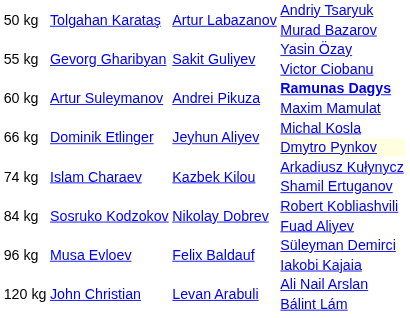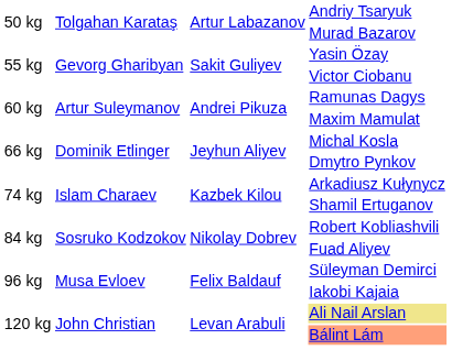 <table>
 <tr>
 <td rowspan=2>50 kg</td>
 <td rowspan=2> <a href='#'>Tolgahan Karataş</a></td>
 <td rowspan=2> <a href='#'>Artur Labazanov</a></td>
 <td> <a href='#'>Andriy Tsaryuk</a></td>
 </tr>
 <tr>
 <td> <a href='#'>Murad Bazarov</a></td>
 </tr>
 <tr>
 <td rowspan=2>55 kg</td>
 <td rowspan=2> <a href='#'>Gevorg Gharibyan</a></td>
 <td rowspan=2> <a href='#'>Sakit Guliyev</a></td>
 <td> <a href='#'>Yasin Özay</a></td>
 </tr>
 <tr>
 <td> <a href='#'>Victor Ciobanu</a></td>
 </tr>
 <tr>
 <td rowspan=2>60 kg</td>
 <td rowspan=2> <a href='#'>Artur Suleymanov</a></td>
 <td rowspan=2> <a href='#'>Andrei Pikuza</a></td>
-<td><strong> <a href='#'>Ramunas Dagys</a></strong></td>
+<td> <a href='#'>Ramunas Dagys</a></td>
 </tr>
 <tr>
 <td> <a href='#'>Maxim Mamulat</a></td>
 </tr>
 <tr>
 <td rowspan=2>66 kg</td>
 <td rowspan=2> <a href='#'>Dominik Etlinger</a></td>
 <td rowspan=2> <a href='#'>Jeyhun Aliyev</a></td>
 <td> <a href='#'>Michal Kosla</a></td>
 </tr>
 <tr>
-<td style="background: lightyellow;"> <a href='#'>Dmytro Pynkov</a></td>
+<td> <a href='#'>Dmytro Pynkov</a></td>
 </tr>
 <tr>
 <td rowspan=2>74 kg</td>
 <td rowspan=2> <a href='#'>Islam Charaev</a></td>
 <td rowspan=2> <a href='#'>Kazbek Kilou</a></td>
 <td> <a href='#'>Arkadiusz Kułynycz</a></td>
 </tr>
 <tr>
 <td> <a href='#'>Shamil Ertuganov</a></td>
 </tr>
 <tr>
 <td rowspan=2>84 kg</td>
 <td rowspan=2> <a href='#'>Sosruko Kodzokov</a></td>
 <td rowspan=2> <a href='#'>Nikolay Dobrev</a></td>
 <td> <a href='#'>Robert Kobliashvili</a></td>
 </tr>
 <tr>
 <td> <a href='#'>Fuad Aliyev</a></td>
 </tr>
 <tr>
 <td rowspan=2>96 kg</td>
 <td rowspan=2> <a href='#'>Musa Evloev</a></td>
 <td rowspan=2> <a href='#'>Felix Baldauf</a></td>
 <td> <a href='#'>Süleyman Demirci</a></td>
 </tr>
 <tr>
 <td> <a href='#'>Iakobi Kajaia</a></td>
 </tr>
 <tr>
 <td rowspan=2>120 kg</td>
 <td rowspan=2> <a href='#'>John Christian</a></td>
 <td rowspan=2> <a href='#'>Levan Arabuli</a></td>
-<td> <a href='#'>Ali Nail Arslan</a></td>
+<td style="background: khaki;"> <a href='#'>Ali Nail Arslan</a></td>
 </tr>
 <tr>
-<td> <a href='#'>Bálint Lám</a></td>
+<td style="background: lightsalmon;"> <a href='#'>Bálint Lám</a></td>
 </tr>
 </table>
